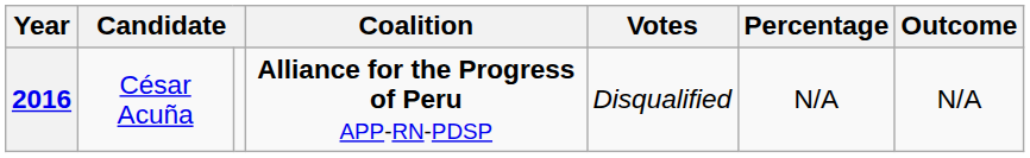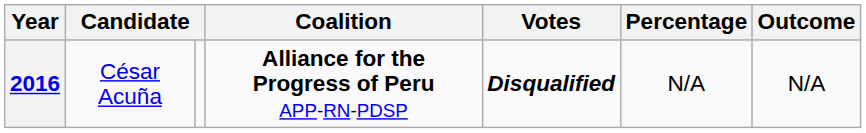 <table class="wikitable" style="text-align:center">
 <tr>
 <th>Year</th>
 <th colspan="2">Candidate</th>
 <th>Coalition</th>
 <th>Votes</th>
 <th>Percentage</th>
 <th>Outcome</th>
 </tr>
 <tr>
 <th><strong><a href='#'>2016</a></strong></th>
 <td><a href='#'>César Acuña</a></td>
 <td></td>
 <td><strong>Alliance for the Progress of Peru</strong><br><small><a href='#'>APP</a>-<a href='#'>RN</a>-<a href='#'>PDSP</a></small></td>
-<td><em>Disqualified</em></td>
+<td><strong><em>Disqualified</em></strong></td>
 <td>N/A</td>
 <td>N/A</td>
 </tr>
 </table>
